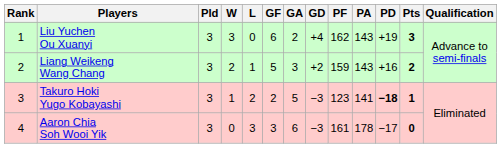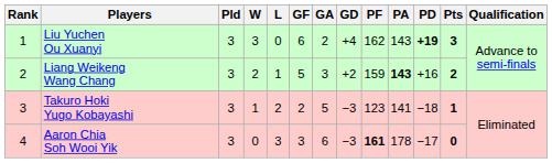 <table class="wikitable" style="font-size:90%; text-align:center">
 <tr>
 <th width="20">Rank</th>
 <th width="200">Players</th>
 <th width="20">Pld</th>
 <th width="20">W</th>
 <th width="20">L</th>
 <th width="20">GF</th>
 <th width="20">GA</th>
 <th width="20">GD</th>
 <th width="20">PF</th>
 <th width="20">PA</th>
 <th width="20">PD</th>
 <th width="20">Pts</th>
 <th width="20">Qualification</th>
 </tr>
 <tr bgcolor="#ccffcc">
 <td>1</td>
 <td align="left"> <a href='#'>Liu Yuchen</a><br> <a href='#'>Ou Xuanyi</a></td>
 <td>3</td>
 <td>3</td>
 <td>0</td>
 <td>6</td>
 <td>2</td>
 <td>+4</td>
 <td>162</td>
 <td>143</td>
-<td>+19</td>
+<td><strong>+19</strong></td>
 <td><strong>3</strong></td>
 <td rowspan="2">Advance to <a href='#'>semi-finals</a></td>
 </tr>
 <tr bgcolor="#ccffcc">
 <td>2</td>
 <td align="left"> <a href='#'>Liang Weikeng</a><br> <a href='#'>Wang Chang</a></td>
 <td>3</td>
 <td>2</td>
 <td>1</td>
 <td>5</td>
 <td>3</td>
 <td>+2</td>
 <td>159</td>
-<td>143</td>
+<td><strong>143</strong></td>
 <td>+16</td>
 <td><strong>2</strong></td>
 </tr>
 <tr bgcolor="#ffcccc">
 <td>3</td>
 <td align="left"> <a href='#'>Takuro Hoki</a><br> <a href='#'>Yugo Kobayashi</a></td>
 <td>3</td>
 <td>1</td>
 <td>2</td>
 <td>2</td>
 <td>5</td>
 <td>−3</td>
 <td>123</td>
 <td>141</td>
-<td><strong>−18</strong></td>
+<td>−18</td>
 <td><strong>1</strong></td>
 <td rowspan="2">Eliminated</td>
 </tr>
 <tr bgcolor="#ffcccc">
 <td>4</td>
 <td align="left"> <a href='#'>Aaron Chia</a><br> <a href='#'>Soh Wooi Yik</a></td>
 <td>3</td>
 <td>0</td>
 <td>3</td>
 <td>3</td>
 <td>6</td>
 <td>−3</td>
-<td>161</td>
+<td><strong>161</strong></td>
 <td>178</td>
 <td>−17</td>
 <td><strong>0</strong></td>
 </tr>
 </table>
